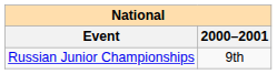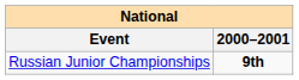 <table class="wikitable" style="text-align:center">
 <tr>
 <th style="background-color: #ffdead; " colspan=2 align=center>National</th>
 </tr>
 <tr>
 <th>Event</th>
 <th>2000–2001</th>
 </tr>
 <tr>
 <td align=left><a href='#'>Russian Junior Championships</a></td>
-<td>9th</td>
+<td><strong>9th</strong></td>
 </tr>
 </table>
